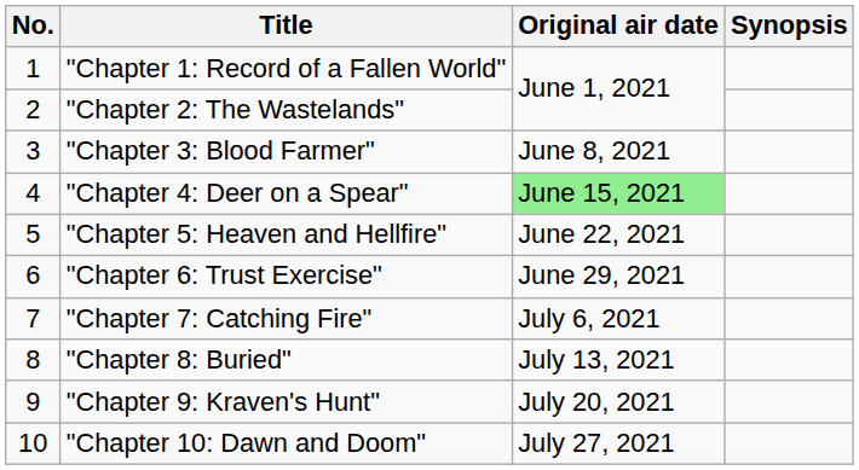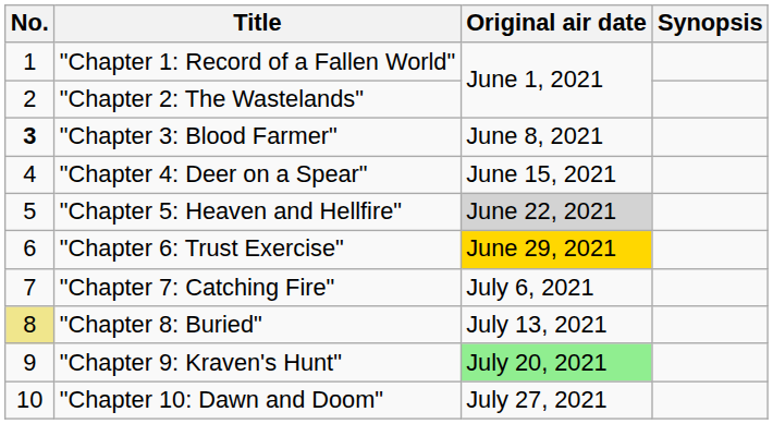 <table class="wikitable">
 <tr>
 <th>No.</th>
 <th>Title</th>
 <th>Original air date</th>
 <th>Synopsis</th>
 </tr>
 <tr>
 <td align=center>1</td>
 <td>"Chapter 1: Record of a Fallen World"</td>
 <td rowspan="2">June 1, 2021</td>
 <td></td>
 </tr>
 <tr>
 <td align=center>2</td>
 <td>"Chapter 2: The Wastelands"</td>
 <td></td>
 </tr>
 <tr>
-<td align=center>3</td>
+<td align=center><strong>3</strong></td>
 <td>"Chapter 3: Blood Farmer"</td>
 <td>June 8, 2021</td>
 <td></td>
 </tr>
 <tr>
 <td align=center>4</td>
 <td>"Chapter 4: Deer on a Spear"</td>
-<td style="background: lightgreen;">June 15, 2021</td>
+<td>June 15, 2021</td>
 <td></td>
 </tr>
 <tr>
 <td align=center>5</td>
 <td>"Chapter 5: Heaven and Hellfire"</td>
-<td>June 22, 2021</td>
+<td style="background: lightgrey;">June 22, 2021</td>
 <td></td>
 </tr>
 <tr>
 <td align=center>6</td>
 <td>"Chapter 6: Trust Exercise"</td>
-<td>June 29, 2021</td>
+<td style="background: gold;">June 29, 2021</td>
 <td></td>
 </tr>
 <tr>
 <td align=center>7</td>
 <td>"Chapter 7: Catching Fire"</td>
 <td>July 6, 2021</td>
 <td></td>
 </tr>
 <tr>
-<td align=center>8</td>
+<td align=center style="background: khaki;">8</td>
 <td>"Chapter 8: Buried"</td>
 <td>July 13, 2021</td>
 <td></td>
 </tr>
 <tr>
 <td align=center>9</td>
 <td>"Chapter 9: Kraven's Hunt"</td>
-<td>July 20, 2021</td>
+<td style="background: lightgreen;">July 20, 2021</td>
 <td></td>
 </tr>
 <tr>
 <td align=center>10</td>
 <td>"Chapter 10: Dawn and Doom"</td>
 <td>July 27, 2021</td>
 <td></td>
 </tr>
 </table>
